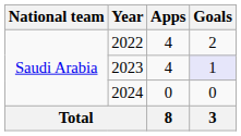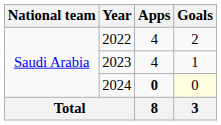 <table class="wikitable" style="text-align:center">
 <tr>
 <th>National team</th>
 <th>Year</th>
 <th>Apps</th>
 <th>Goals</th>
 </tr>
 <tr>
 <td rowspan="3"><a href='#'>Saudi Arabia</a></td>
 <td>2022</td>
 <td>4</td>
 <td>2</td>
 </tr>
 <tr>
 <td>2023</td>
 <td>4</td>
-<td style="background: lavender;">1</td>
+<td>1</td>
 </tr>
 <tr>
 <td>2024</td>
-<td>0</td>
-<td>0</td>
+<td><strong>0</strong></td>
+<td style="background: lightyellow;">0</td>
 </tr>
 <tr>
 <th colspan="2">Total</th>
 <th>8</th>
 <th>3</th>
 </tr>
 </table>
